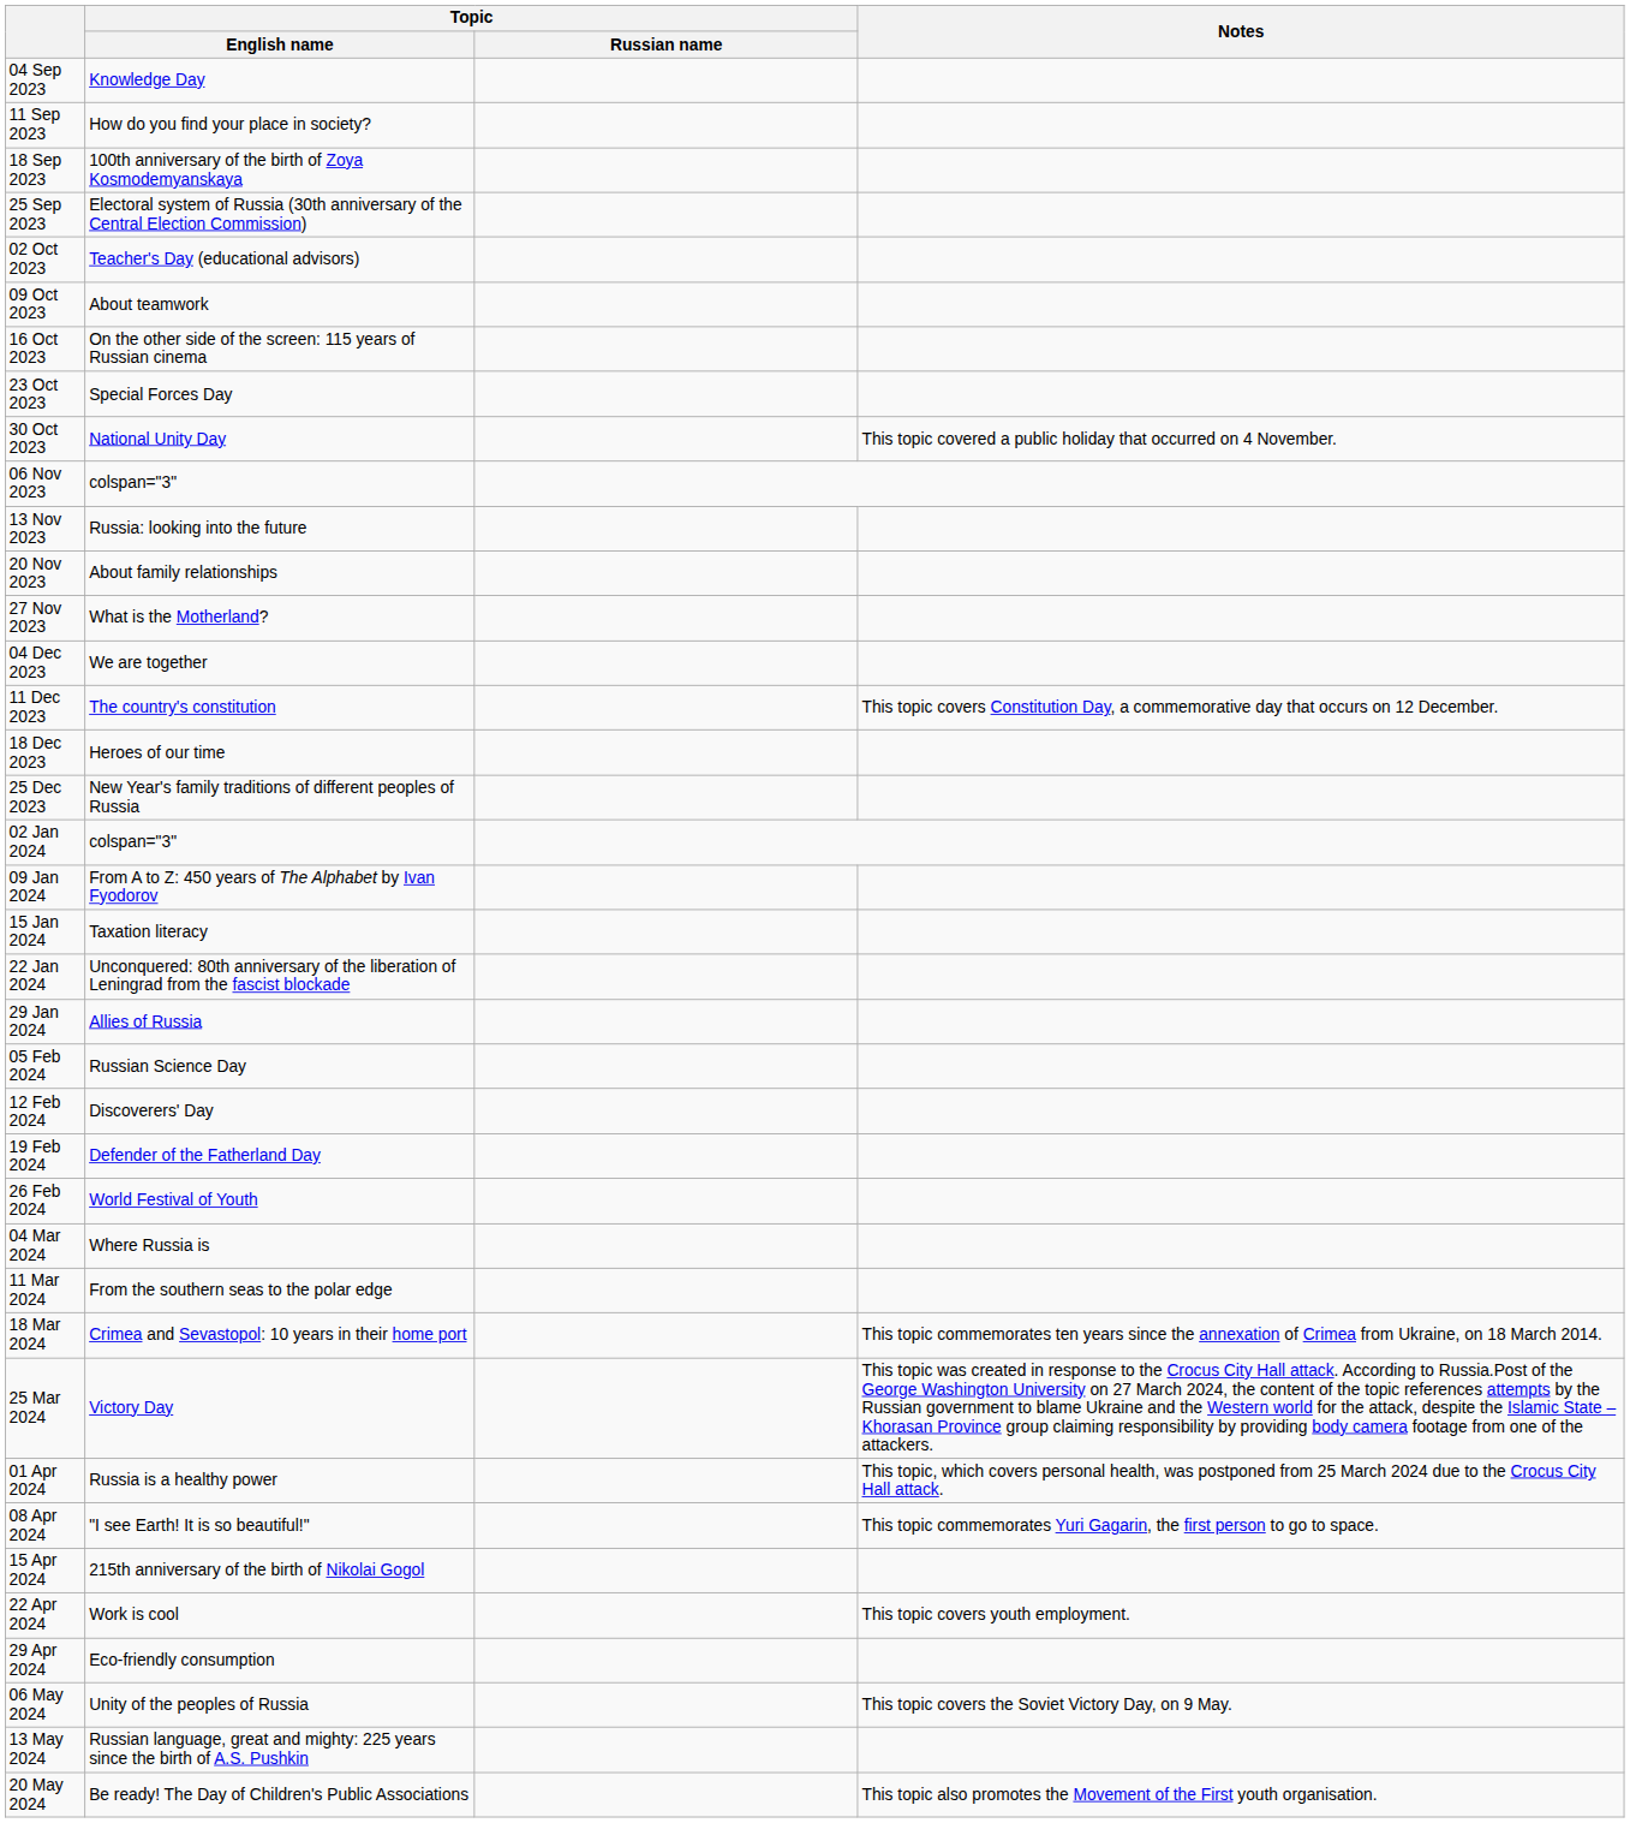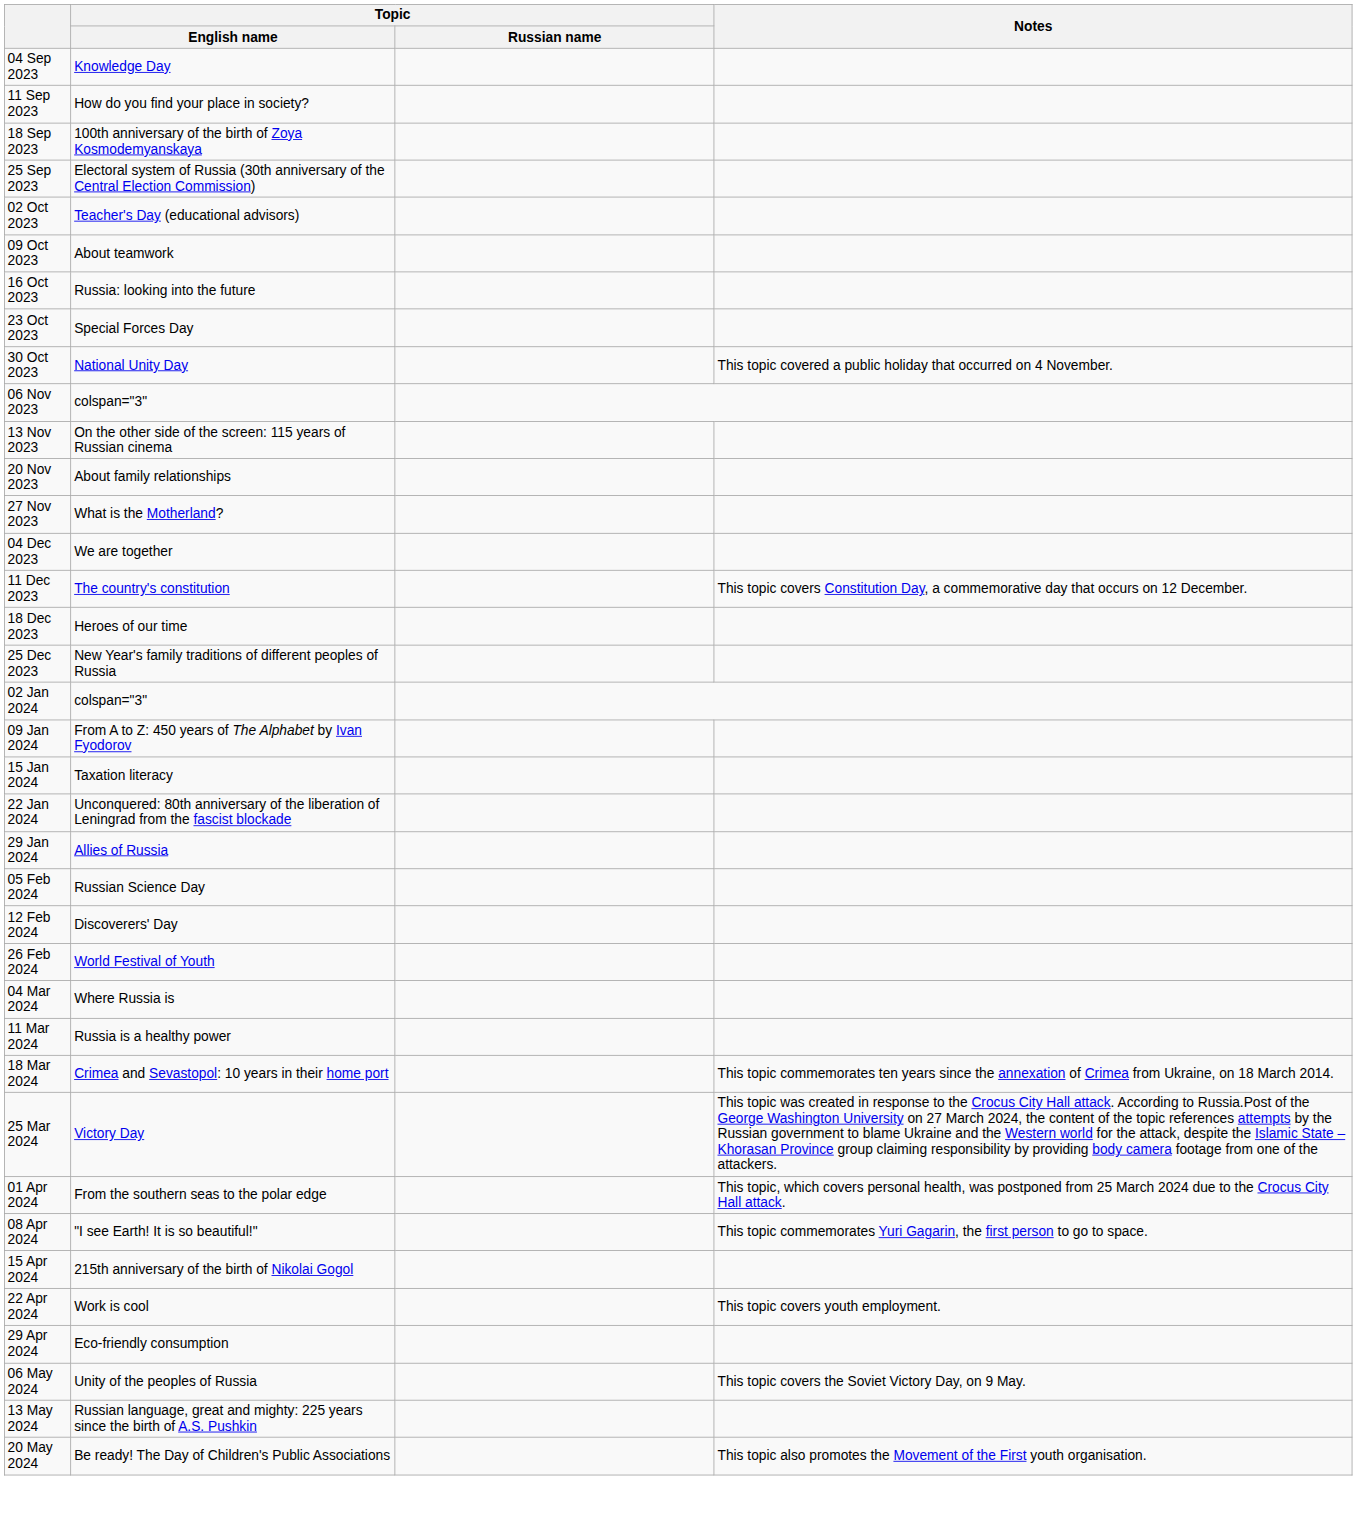 <table class="wikitable sortable sticky-header-multi">
 <tr>
 <th style="min-width:70px" rowspan=2 data-sort-type=date></th>
 <th colspan=2>Topic</th>
 <th style="width:50%" rowspan=2 class="unsortable">Notes</th>
 </tr>
 <tr>
 <th style="width:25%">English name</th>
 <th style="width:25%">Russian name</th>
 </tr>
 <tr>
 <td>04 Sep 2023</td>
 <td><a href='#'>Knowledge Day</a></td>
 <td></td>
 <td></td>
 </tr>
 <tr>
 <td>11 Sep 2023</td>
 <td>How do you find your place in society?</td>
 <td></td>
 <td></td>
 </tr>
 <tr>
 <td>18 Sep 2023</td>
 <td>100th anniversary of the birth of <a href='#'>Zoya Kosmodemyanskaya</a></td>
 <td></td>
 <td></td>
 </tr>
 <tr>
 <td>25 Sep 2023</td>
 <td>Electoral system of Russia (30th anniversary of the <a href='#'>Central Election Commission</a>)</td>
 <td></td>
 <td></td>
 </tr>
 <tr>
 <td>02 Oct 2023</td>
 <td><a href='#'>Teacher's Day</a> (educational advisors)</td>
 <td></td>
 <td></td>
 </tr>
 <tr>
 <td>09 Oct 2023</td>
 <td>About teamwork</td>
 <td></td>
 <td></td>
 </tr>
 <tr>
 <td>16 Oct 2023</td>
-<td>On the other side of the screen: 115 years of Russian cinema</td>
+<td>Russia: looking into the future</td>
 <td></td>
 <td></td>
 </tr>
 <tr>
 <td>23 Oct 2023</td>
 <td>Special Forces Day</td>
 <td></td>
 <td></td>
 </tr>
 <tr>
 <td>30 Oct 2023</td>
 <td><a href='#'>National Unity Day</a></td>
 <td></td>
 <td>This topic covered a public holiday that occurred on 4 November.</td>
 </tr>
 <tr>
 <td>06 Nov 2023</td>
 <td>colspan="3" </td>
 </tr>
 <tr>
 <td>13 Nov 2023</td>
-<td>Russia: looking into the future</td>
+<td>On the other side of the screen: 115 years of Russian cinema</td>
 <td></td>
 <td></td>
 </tr>
 <tr>
 <td>20 Nov 2023</td>
 <td>About family relationships</td>
 <td></td>
 <td></td>
 </tr>
 <tr>
 <td>27 Nov 2023</td>
 <td>What is the <a href='#'>Motherland</a>?</td>
 <td></td>
 <td></td>
 </tr>
 <tr>
 <td>04 Dec 2023</td>
 <td>We are together</td>
 <td></td>
 <td></td>
 </tr>
 <tr>
 <td>11 Dec 2023</td>
 <td><a href='#'>The country's constitution</a></td>
 <td></td>
 <td>This topic covers <a href='#'>Constitution Day</a>, a commemorative day that occurs on 12 December.</td>
 </tr>
 <tr>
 <td>18 Dec 2023</td>
 <td>Heroes of our time</td>
 <td></td>
 <td></td>
 </tr>
 <tr>
 <td>25 Dec 2023</td>
 <td>New Year's family traditions of different peoples of Russia</td>
 <td></td>
 <td></td>
 </tr>
 <tr>
 <td>02 Jan 2024</td>
 <td>colspan="3" </td>
 </tr>
 <tr>
 <td>09 Jan 2024</td>
 <td>From A to Z: 450 years of <em>The Alphabet</em> by <a href='#'>Ivan Fyodorov</a></td>
 <td></td>
 <td></td>
 </tr>
 <tr>
 <td>15 Jan 2024</td>
 <td>Taxation literacy</td>
 <td></td>
 <td></td>
 </tr>
 <tr>
 <td>22 Jan 2024</td>
 <td>Unconquered: 80th anniversary of the liberation of Leningrad from the <a href='#'>fascist blockade</a></td>
 <td></td>
 <td></td>
 </tr>
 <tr>
 <td>29 Jan 2024</td>
 <td><a href='#'>Allies of Russia</a></td>
 <td></td>
 <td></td>
 </tr>
 <tr>
 <td>05 Feb 2024</td>
 <td>Russian Science Day</td>
 <td></td>
 <td></td>
 </tr>
 <tr>
 <td>12 Feb 2024</td>
 <td>Discoverers' Day</td>
 <td></td>
 <td></td>
 </tr>
 <tr>
-<td>19 Feb 2024</td>
-<td><a href='#'>Defender of the Fatherland Day</a></td>
-<td></td>
-<td></td>
-</tr>
-<tr>
 <td>26 Feb 2024</td>
 <td><a href='#'>World Festival of Youth</a></td>
 <td></td>
 <td></td>
 </tr>
 <tr>
 <td>04 Mar 2024</td>
 <td>Where Russia is</td>
 <td></td>
 <td></td>
 </tr>
 <tr>
 <td>11 Mar 2024</td>
-<td>From the southern seas to the polar edge</td>
+<td>Russia is a healthy power</td>
 <td></td>
 <td></td>
 </tr>
 <tr>
 <td>18 Mar 2024</td>
 <td><a href='#'>Crimea</a> and <a href='#'>Sevastopol</a>: 10 years in their <a href='#'>home port</a></td>
 <td></td>
 <td>This topic commemorates ten years since the <a href='#'>annexation</a> of <a href='#'>Crimea</a> from Ukraine, on 18 March 2014.</td>
 </tr>
 <tr>
 <td>25 Mar 2024</td>
 <td><a href='#'>Victory Day</a></td>
 <td></td>
 <td>This topic was created in response to the <a href='#'>Crocus City Hall attack</a>. According to Russia.Post of the <a href='#'>George Washington University</a> on 27 March 2024, the content of the topic references <a href='#'>attempts</a> by the Russian government to blame Ukraine and the <a href='#'>Western world</a> for the attack, despite the <a href='#'>Islamic State – Khorasan Province</a> group claiming responsibility by providing <a href='#'>body camera</a> footage from one of the attackers.</td>
 </tr>
 <tr>
 <td>01 Apr 2024</td>
-<td>Russia is a healthy power</td>
+<td>From the southern seas to the polar edge</td>
 <td></td>
 <td>This topic, which covers personal health, was postponed from 25 March 2024 due to the <a href='#'>Crocus City Hall attack</a>.</td>
 </tr>
 <tr>
 <td>08 Apr 2024</td>
 <td>"I see Earth! It is so beautiful!"</td>
 <td></td>
 <td>This topic commemorates <a href='#'>Yuri Gagarin</a>, the <a href='#'>first person</a> to go to space.</td>
 </tr>
 <tr>
 <td>15 Apr 2024</td>
 <td>215th anniversary of the birth of <a href='#'>Nikolai Gogol</a></td>
 <td></td>
 <td></td>
 </tr>
 <tr>
 <td>22 Apr 2024</td>
 <td>Work is cool</td>
 <td></td>
 <td>This topic covers youth employment.</td>
 </tr>
 <tr>
 <td>29 Apr 2024</td>
 <td>Eco-friendly consumption</td>
 <td></td>
 <td></td>
 </tr>
 <tr>
 <td>06 May 2024</td>
 <td>Unity of the peoples of Russia</td>
 <td></td>
 <td>This topic covers the Soviet Victory Day, on 9 May.</td>
 </tr>
 <tr>
 <td>13 May 2024</td>
 <td>Russian language, great and mighty: 225 years since the birth of <a href='#'>A.S. Pushkin</a></td>
 <td></td>
 <td></td>
 </tr>
 <tr>
 <td>20 May 2024</td>
 <td>Be ready! The Day of Children's Public Associations</td>
 <td></td>
 <td>This topic also promotes the <a href='#'>Movement of the First</a> youth organisation.</td>
 </tr>
 </table>
